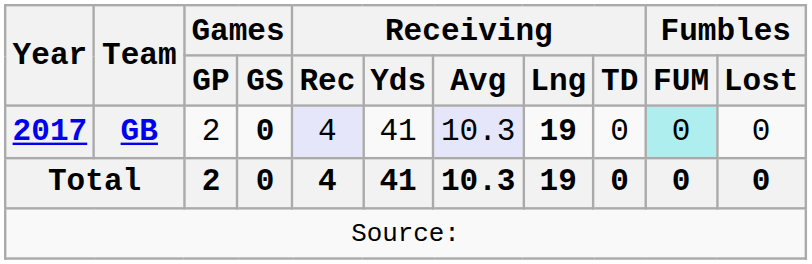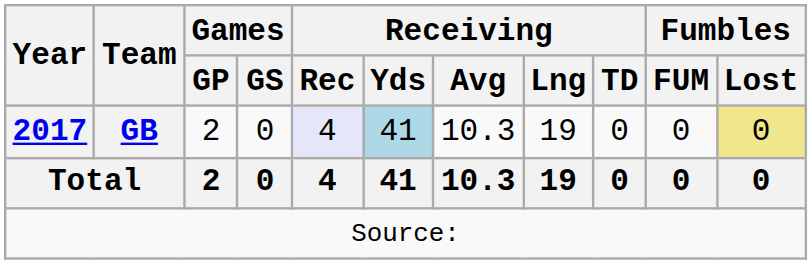 <table class="wikitable" style="text-align: center;">
 <tr>
 <th rowspan="2">Year</th>
 <th rowspan="2">Team</th>
 <th colspan="2">Games</th>
 <th colspan="5">Receiving</th>
 <th colspan="2">Fumbles</th>
 </tr>
 <tr>
 <th>GP</th>
 <th>GS</th>
 <th>Rec</th>
 <th>Yds</th>
 <th>Avg</th>
 <th>Lng</th>
 <th>TD</th>
 <th>FUM</th>
 <th>Lost</th>
 </tr>
 <tr>
 <th><a href='#'>2017</a></th>
 <th><a href='#'>GB</a></th>
 <td>2</td>
-<td><strong>0</strong></td>
+<td>0</td>
 <td style="background: lavender;">4</td>
-<td>41</td>
-<td style="background: lavender;">10.3</td>
-<td><strong>19</strong></td>
+<td style="background: lightblue;">41</td>
+<td>10.3</td>
+<td>19</td>
 <td>0</td>
-<td style="background: paleturquoise;">0</td>
 <td>0</td>
+<td style="background: khaki;">0</td>
 </tr>
 <tr>
 <th colspan="2">Total</th>
 <th>2</th>
 <th>0</th>
 <th>4</th>
 <th>41</th>
 <th>10.3</th>
 <th>19</th>
 <th>0</th>
 <th>0</th>
 <th>0</th>
 </tr>
 <tr>
 <td colspan="11"><small>Source: </small></td>
 </tr>
 </table>
